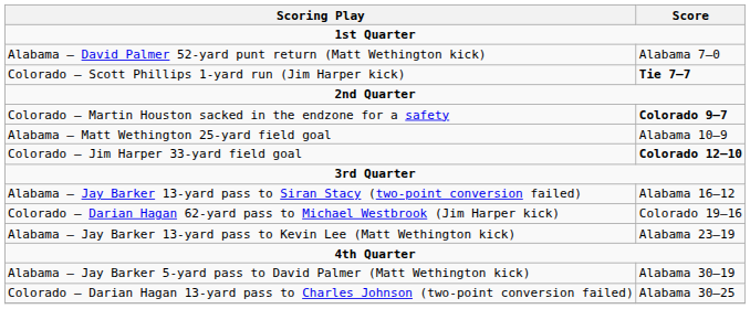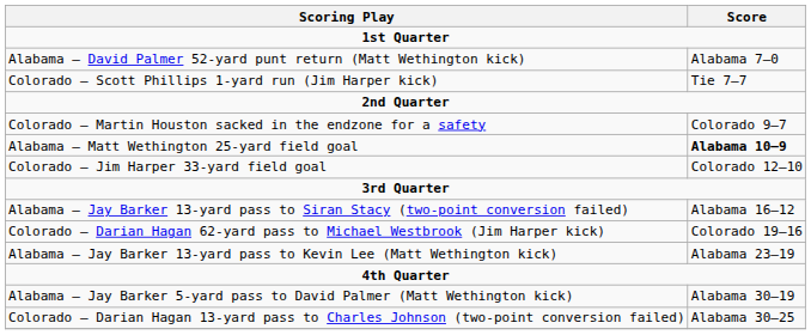 <table class="wikitable">
 <tr>
 <th>Scoring Play</th>
 <th>Score</th>
 </tr>
 <tr>
 <td colspan="4" align="center"><strong>1st Quarter</strong></td>
 </tr>
 <tr>
 <td>Alabama – <a href='#'>David Palmer</a> 52-yard punt return (Matt Wethington kick)</td>
 <td>Alabama 7–0</td>
 </tr>
 <tr>
 <td>Colorado – Scott Phillips 1-yard run (Jim Harper kick)</td>
-<td><strong>Tie 7–7</strong></td>
+<td>Tie 7–7</td>
 </tr>
 <tr>
 <td colspan="4" align="center"><strong>2nd Quarter</strong></td>
 </tr>
 <tr>
 <td>Colorado – Martin Houston sacked in the endzone for a <a href='#'>safety</a></td>
-<td><strong>Colorado 9–7</strong></td>
+<td>Colorado 9–7</td>
 </tr>
 <tr>
 <td>Alabama – Matt Wethington 25-yard field goal</td>
-<td>Alabama 10–9</td>
+<td><strong>Alabama 10–9</strong></td>
 </tr>
 <tr>
 <td>Colorado – Jim Harper 33-yard field goal</td>
-<td><strong>Colorado 12–10</strong></td>
+<td>Colorado 12–10</td>
 </tr>
 <tr>
 <td colspan="4" align="center"><strong>3rd Quarter</strong></td>
 </tr>
 <tr>
 <td>Alabama – <a href='#'>Jay Barker</a> 13-yard pass to <a href='#'>Siran Stacy</a> (<a href='#'>two-point conversion</a> failed)</td>
 <td>Alabama 16–12</td>
 </tr>
 <tr>
 <td>Colorado – <a href='#'>Darian Hagan</a> 62-yard pass to <a href='#'>Michael Westbrook</a> (Jim Harper kick)</td>
 <td>Colorado 19–16</td>
 </tr>
 <tr>
 <td>Alabama – Jay Barker 13-yard pass to Kevin Lee (Matt Wethington kick)</td>
 <td>Alabama 23–19</td>
 </tr>
 <tr>
 <td colspan="4" align="center"><strong>4th Quarter</strong></td>
 </tr>
 <tr>
 <td>Alabama – Jay Barker 5-yard pass to David Palmer (Matt Wethington kick)</td>
 <td>Alabama 30–19</td>
 </tr>
 <tr>
 <td>Colorado – Darian Hagan 13-yard pass to <a href='#'>Charles Johnson</a> (two-point conversion failed)</td>
 <td>Alabama 30–25</td>
 </tr>
 <tr>
 </tr>
 </table>
